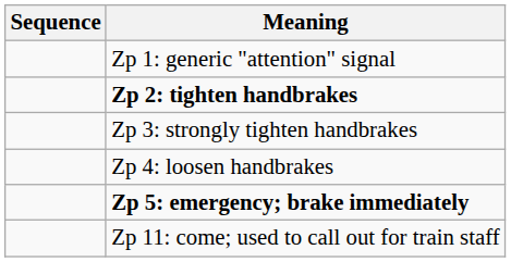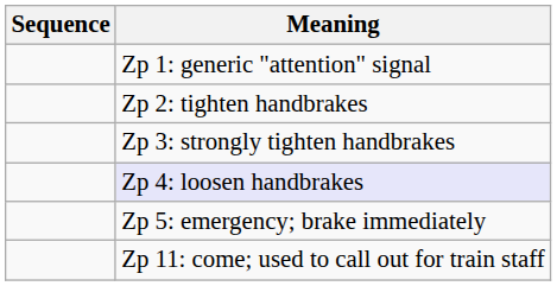 <table class="wikitable">
 <tr>
 <th>Sequence</th>
 <th>Meaning</th>
 </tr>
 <tr>
 <td></td>
 <td>Zp 1: generic "attention" signal</td>
 </tr>
 <tr>
 <td></td>
-<td><strong>Zp 2: tighten handbrakes</strong></td>
+<td>Zp 2: tighten handbrakes</td>
 </tr>
 <tr>
 <td></td>
 <td>Zp 3: strongly tighten handbrakes</td>
 </tr>
 <tr>
 <td></td>
-<td>Zp 4: loosen handbrakes</td>
+<td style="background: lavender;">Zp 4: loosen handbrakes</td>
 </tr>
 <tr>
 <td></td>
-<td><strong>Zp 5: emergency; brake immediately</strong></td>
+<td>Zp 5: emergency; brake immediately</td>
 </tr>
 <tr>
 <td></td>
 <td>Zp 11: come; used to call out for train staff</td>
 </tr>
 </table>
